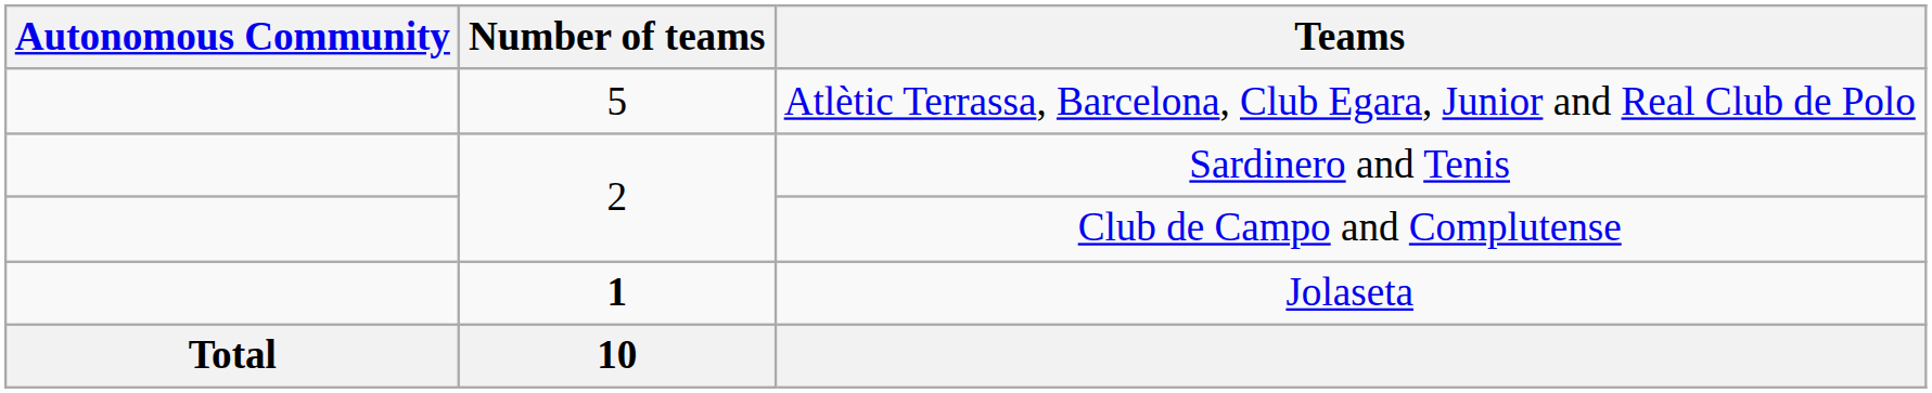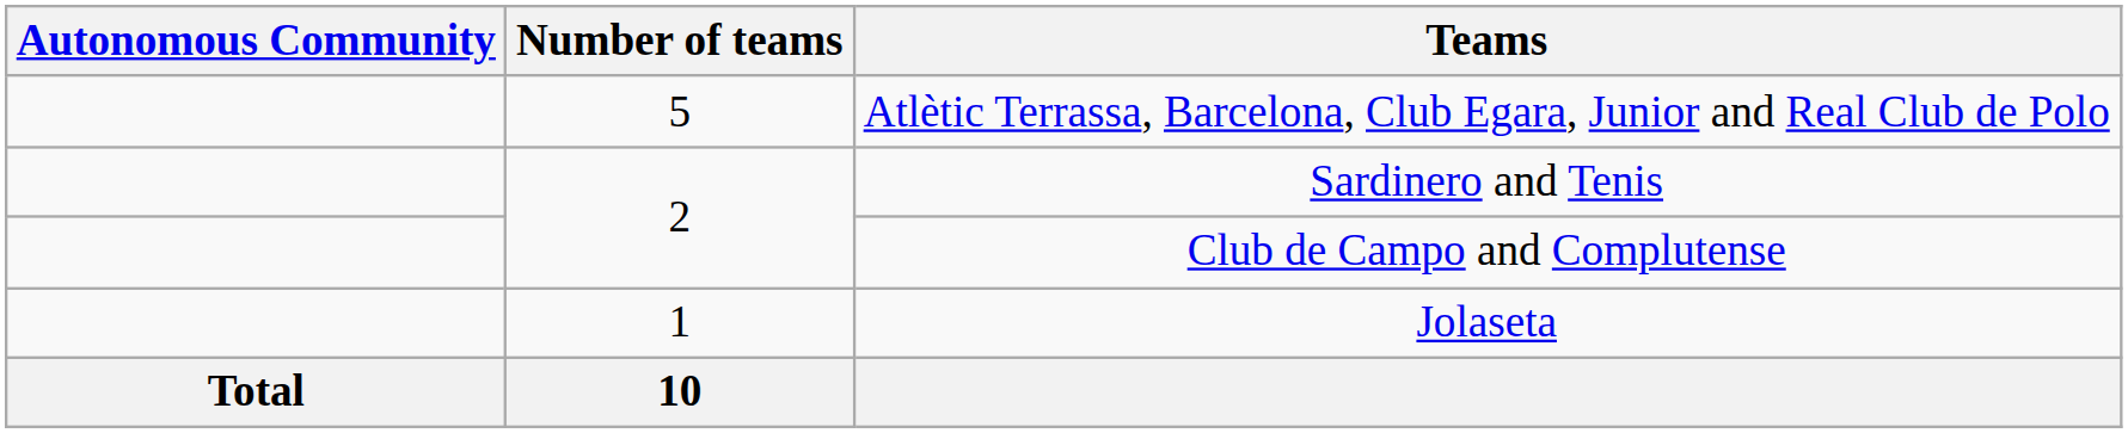 <table class="wikitable" style="text-align:center">
 <tr>
 <th><a href='#'>Autonomous Community</a></th>
 <th>Number of teams</th>
 <th>Teams</th>
 </tr>
 <tr>
 <td align=left></td>
 <td>5</td>
 <td><a href='#'>Atlètic Terrassa</a>, <a href='#'>Barcelona</a>, <a href='#'>Club Egara</a>, <a href='#'>Junior</a> and <a href='#'>Real Club de Polo</a></td>
 </tr>
 <tr>
 <td align=left></td>
 <td rowspan=2>2</td>
 <td><a href='#'>Sardinero</a> and <a href='#'>Tenis</a></td>
 </tr>
 <tr>
 <td align=left></td>
 <td><a href='#'>Club de Campo</a> and <a href='#'>Complutense</a></td>
 </tr>
 <tr>
 <td align=left></td>
-<td><strong>1</strong></td>
+<td>1</td>
 <td><a href='#'>Jolaseta</a></td>
 </tr>
 <tr>
 <th>Total</th>
 <th>10</th>
 <th></th>
 </tr>
 </table>
